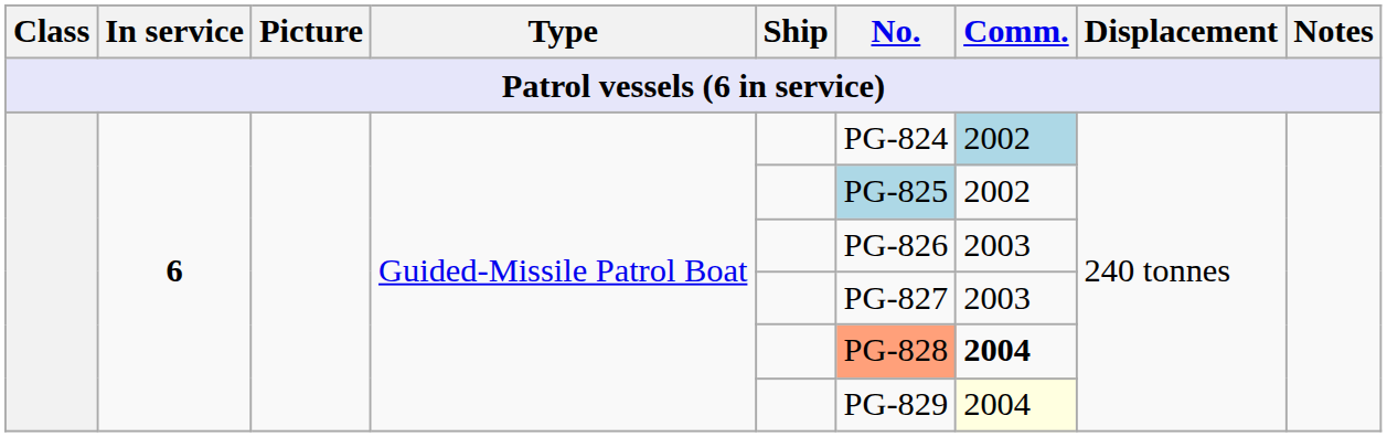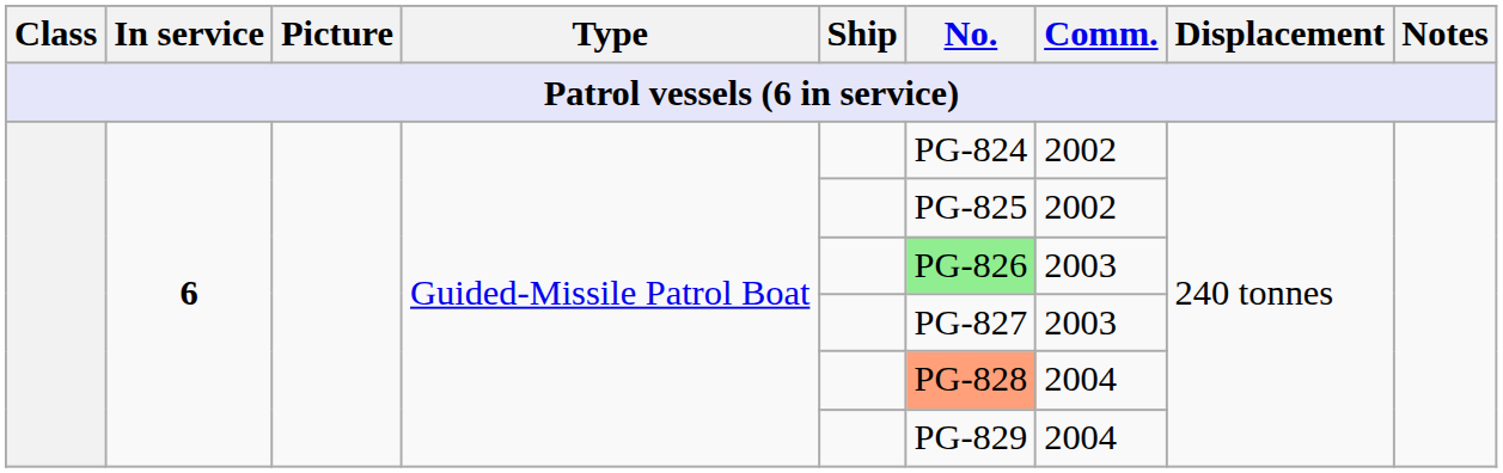 <table class="wikitable">
 <tr>
 <th>Class</th>
 <th>In service</th>
 <th>Picture</th>
 <th>Type</th>
 <th>Ship</th>
 <th><a href='#'>No.</a></th>
 <th><a href='#'>Comm.</a></th>
 <th>Displacement</th>
 <th>Notes</th>
 </tr>
 <tr>
 <th colspan="9" style="background: lavender;">Patrol vessels (6 in service)</th>
 </tr>
 <tr>
 <th rowspan="6" style="text-align: left;"></th>
 <td rowspan="6" style="text-align: center;"><strong>6</strong></td>
 <td rowspan="6"></td>
 <td rowspan="6"><a href='#'>Guided-Missile Patrol Boat</a></td>
 <td></td>
 <td>PG-824</td>
-<td style="background: lightblue;">2002</td>
+<td>2002</td>
 <td rowspan="6">240 tonnes</td>
 <td rowspan="6"></td>
 </tr>
 <tr>
 <td></td>
-<td style="background: lightblue;">PG-825</td>
+<td>PG-825</td>
 <td>2002</td>
 </tr>
 <tr>
 <td></td>
-<td>PG-826</td>
+<td style="background: lightgreen;">PG-826</td>
 <td>2003</td>
 </tr>
 <tr>
 <td></td>
 <td>PG-827</td>
 <td>2003</td>
 </tr>
 <tr>
 <td></td>
 <td style="background: lightsalmon;">PG-828</td>
-<td><strong>2004</strong></td>
+<td>2004</td>
 </tr>
 <tr>
 <td></td>
 <td>PG-829</td>
-<td style="background: lightyellow;">2004</td>
+<td>2004</td>
 </tr>
 </table>
